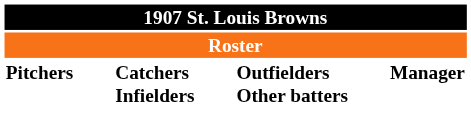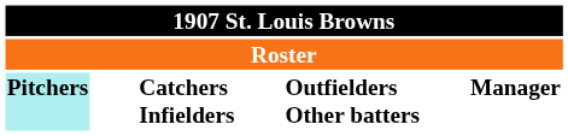 <table class="toccolours" style="font-size: 95%;">
 <tr>
 <th colspan="10" style="background-color: black; color: white; text-align: center;">1907 St. Louis Browns</th>
 </tr>
 <tr>
 <td colspan="10" style="background-color: #F87217; color: white; text-align: center;"><strong>Roster</strong></td>
 </tr>
 <tr>
-<td valign="top"><strong>Pitchers</strong><br>        </td>
+<td valign="top" style="background: paleturquoise;"><strong>Pitchers</strong><br>        </td>
 <td width="25px"></td>
 <td valign="top"><strong>Catchers</strong><br>    <strong>Infielders</strong>       </td>
 <td width="25px"></td>
 <td valign="top"><strong>Outfielders</strong><br>   <strong>Other batters</strong>  </td>
 <td width="25px"></td>
 <td valign="top"><strong>Manager</strong><br></td>
 </tr>
 </table>
